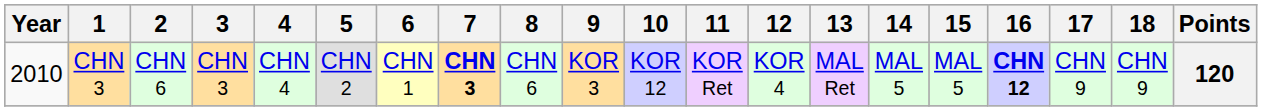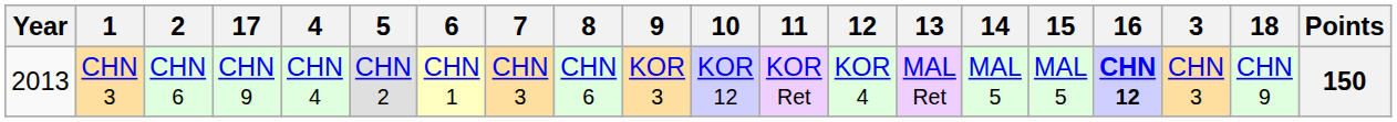 <table class="wikitable" style="text-align:center; font-size:90%">
 <tr>
 <th>Year</th>
 <th>1</th>
 <th>2</th>
-<th>3</th>
+<th>17</th>
 <th>4</th>
 <th>5</th>
 <th>6</th>
 <th>7</th>
 <th>8</th>
 <th>9</th>
 <th>10</th>
 <th>11</th>
 <th>12</th>
 <th>13</th>
 <th>14</th>
 <th>15</th>
 <th>16</th>
-<th>17</th>
+<th>3</th>
 <th>18</th>
 <th>Points</th>
 </tr>
 <tr>
-<td>2010</td>
+<td>2013</td>
 <td bgcolor=ffdf9f><a href='#'>CHN</a><br><small>3</small></td>
 <td bgcolor=dfffdf><a href='#'>CHN</a><br><small>6</small></td>
-<td bgcolor=ffdf9f><a href='#'>CHN</a><br><small>3</small></td>
+<td bgcolor=dfffdf><a href='#'>CHN</a><br><small>9</small></td>
 <td bgcolor=dfffdf><a href='#'>CHN</a><br><small>4</small></td>
 <td bgcolor=dfdfdf><a href='#'>CHN</a><br><small>2</small></td>
 <td bgcolor=ffffbf><a href='#'>CHN</a><br><small>1</small></td>
-<td bgcolor=ffdf9f><strong><a href='#'>CHN</a><br><small>3</small></strong></td>
+<td bgcolor=ffdf9f><a href='#'>CHN</a><br><small>3</small></td>
 <td bgcolor=dfffdf><a href='#'>CHN</a><br><small>6</small></td>
 <td bgcolor=ffdf9f><a href='#'>KOR</a><br><small>3</small></td>
 <td bgcolor=cfcfff><a href='#'>KOR</a><br><small>12</small></td>
 <td bgcolor=efcfff><a href='#'>KOR</a><br><small>Ret</small></td>
 <td bgcolor=dfffdf><a href='#'>KOR</a><br><small>4</small></td>
 <td bgcolor=efcfff><a href='#'>MAL</a><br><small>Ret</small></td>
 <td bgcolor=dfffdf><a href='#'>MAL</a><br><small>5</small></td>
 <td bgcolor=dfffdf><a href='#'>MAL</a><br><small>5</small></td>
 <td bgcolor=cfcfff><strong><a href='#'>CHN</a><br><small>12</small></strong></td>
+<td bgcolor=ffdf9f><a href='#'>CHN</a><br><small>3</small></td>
 <td bgcolor=dfffdf><a href='#'>CHN</a><br><small>9</small></td>
-<td bgcolor=dfffdf><a href='#'>CHN</a><br><small>9</small></td>
-<th>120</th>
+<th>150</th>
 </tr>
 </table>
